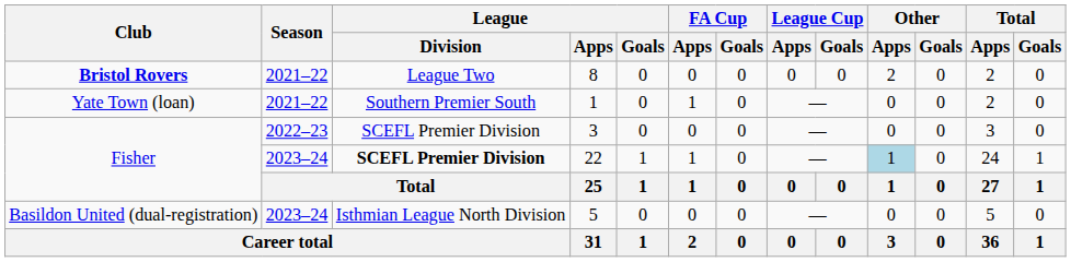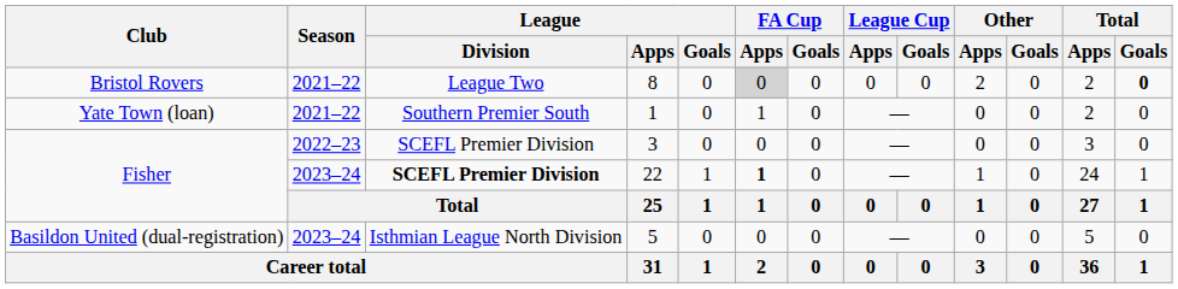 <table class="wikitable" style="text-align: center">
 <tr>
 <th rowspan="2">Club</th>
 <th rowspan="2">Season</th>
 <th colspan="3">League</th>
 <th colspan="2"><a href='#'>FA Cup</a></th>
 <th colspan="2"><a href='#'>League Cup</a></th>
 <th colspan="2">Other</th>
 <th colspan="2">Total</th>
 </tr>
 <tr>
 <th>Division</th>
 <th>Apps</th>
 <th>Goals</th>
 <th>Apps</th>
 <th>Goals</th>
 <th>Apps</th>
 <th>Goals</th>
 <th>Apps</th>
 <th>Goals</th>
 <th>Apps</th>
 <th>Goals</th>
 </tr>
 <tr>
-<td><strong><a href='#'>Bristol Rovers</a></strong></td>
+<td><a href='#'>Bristol Rovers</a></td>
 <td><a href='#'>2021–22</a></td>
 <td><a href='#'>League Two</a></td>
 <td>8</td>
 <td>0</td>
-<td>0</td>
+<td style="background: lightgrey;">0</td>
 <td>0</td>
 <td>0</td>
 <td>0</td>
 <td>2</td>
 <td>0</td>
 <td>2</td>
-<td>0</td>
+<td><strong>0</strong></td>
 </tr>
 <tr>
 <td><a href='#'>Yate Town</a> (loan)</td>
 <td><a href='#'>2021–22</a></td>
 <td><a href='#'>Southern Premier South</a></td>
 <td>1</td>
 <td>0</td>
 <td>1</td>
 <td>0</td>
 <td colspan="2">—</td>
 <td>0</td>
 <td>0</td>
 <td>2</td>
 <td>0</td>
 </tr>
 <tr>
 <td rowspan="3"><a href='#'>Fisher</a></td>
 <td><a href='#'>2022–23</a></td>
 <td><a href='#'>SCEFL</a> Premier Division</td>
 <td>3</td>
 <td>0</td>
 <td>0</td>
 <td>0</td>
 <td colspan="2">—</td>
 <td>0</td>
 <td>0</td>
 <td>3</td>
 <td>0</td>
 </tr>
 <tr>
 <td><a href='#'>2023–24</a></td>
 <td><strong>SCEFL Premier Division</strong></td>
 <td>22</td>
 <td>1</td>
-<td>1</td>
+<td><strong>1</strong></td>
 <td>0</td>
 <td colspan="2">—</td>
-<td style="background: lightblue;">1</td>
+<td>1</td>
 <td>0</td>
 <td>24</td>
 <td>1</td>
 </tr>
 <tr>
 <th colspan="2">Total</th>
 <th>25</th>
 <th>1</th>
 <th>1</th>
 <th>0</th>
 <th>0</th>
 <th>0</th>
 <th>1</th>
 <th>0</th>
 <th>27</th>
 <th>1</th>
 </tr>
 <tr>
 <td><a href='#'>Basildon United</a> (dual-registration)</td>
 <td><a href='#'>2023–24</a></td>
 <td><a href='#'>Isthmian League</a> North Division</td>
 <td>5</td>
 <td>0</td>
 <td>0</td>
 <td>0</td>
 <td colspan="2">—</td>
 <td>0</td>
 <td>0</td>
 <td>5</td>
 <td>0</td>
 </tr>
 <tr>
 <th colspan="3">Career total</th>
 <th>31</th>
 <th>1</th>
 <th>2</th>
 <th>0</th>
 <th>0</th>
 <th>0</th>
 <th>3</th>
 <th>0</th>
 <th>36</th>
 <th>1</th>
 </tr>
 </table>
